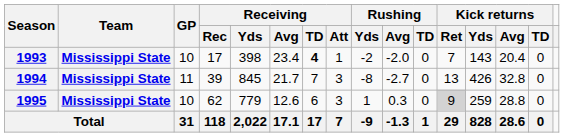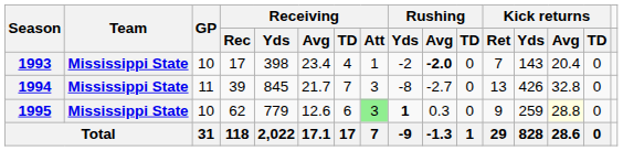 <table class="wikitable" style="text-align:center;">
 <tr>
 <th rowspan="2">Season</th>
 <th rowspan="2">Team</th>
 <th rowspan="2">GP</th>
 <th colspan="5">Receiving</th>
 <th colspan="3">Rushing</th>
 <th colspan="4">Kick returns</th>
 </tr>
 <tr>
 <th>Rec</th>
 <th>Yds</th>
 <th>Avg</th>
 <th>TD</th>
 <th>Att</th>
 <th>Yds</th>
 <th>Avg</th>
 <th>TD</th>
 <th>Ret</th>
 <th>Yds</th>
 <th>Avg</th>
 <th>TD</th>
 <th></th>
 </tr>
 <tr>
 <th><a href='#'>1993</a></th>
 <th><a href='#'>Mississippi State</a></th>
 <td>10</td>
 <td>17</td>
 <td>398</td>
 <td>23.4</td>
-<td><strong>4</strong></td>
+<td>4</td>
 <td>1</td>
 <td>-2</td>
-<td>-2.0</td>
+<td><strong>-2.0</strong></td>
 <td>0</td>
 <td>7</td>
 <td>143</td>
 <td>20.4</td>
 <td>0</td>
 <td></td>
 </tr>
 <tr>
 <th><a href='#'>1994</a></th>
 <th><a href='#'>Mississippi State</a></th>
 <td>11</td>
 <td>39</td>
 <td>845</td>
 <td>21.7</td>
 <td>7</td>
 <td>3</td>
 <td>-8</td>
 <td>-2.7</td>
 <td>0</td>
 <td>13</td>
 <td>426</td>
 <td>32.8</td>
 <td>0</td>
 <td></td>
 </tr>
 <tr>
 <th><a href='#'>1995</a></th>
 <th><a href='#'>Mississippi State</a></th>
 <td>10</td>
 <td>62</td>
 <td>779</td>
 <td>12.6</td>
 <td>6</td>
-<td>3</td>
-<td>1</td>
+<td style="background: lightgreen;">3</td>
+<td><strong>1</strong></td>
 <td>0.3</td>
 <td>0</td>
-<td style="background: lightgrey;">9</td>
+<td>9</td>
 <td>259</td>
-<td>28.8</td>
+<td style="background: lightyellow;">28.8</td>
 <td>0</td>
 <td></td>
 </tr>
 <tr>
 <th colspan="2">Total</th>
 <th>31</th>
 <th>118</th>
 <th>2,022</th>
 <th>17.1</th>
 <th>17</th>
 <th>7</th>
 <th>-9</th>
 <th>-1.3</th>
 <th>1</th>
 <th>29</th>
 <th>828</th>
 <th>28.6</th>
 <th>0</th>
 </tr>
 </table>
